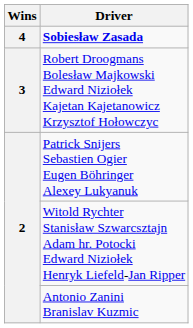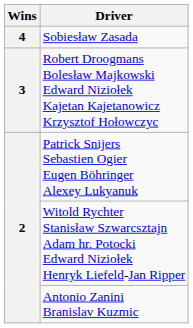 <table class="wikitable" style="font-size: 95%;">
 <tr>
 <th>Wins</th>
 <th>Driver</th>
 </tr>
 <tr>
 <th>4</th>
-<td><strong> <a href='#'>Sobiesław Zasada</a></strong></td>
+<td> <a href='#'>Sobiesław Zasada</a></td>
 </tr>
 <tr>
 <th rowspan="1">3</th>
 <td> <a href='#'>Robert Droogmans</a><br> <a href='#'>Bolesław Majkowski</a><br> <a href='#'>Edward Niziołek</a><br> <a href='#'>Kajetan Kajetanowicz</a><br> <a href='#'>Krzysztof Hołowczyc</a></td>
 </tr>
 <tr>
 <th rowspan="4">2</th>
 <td> <a href='#'>Patrick Snijers</a><br> <a href='#'>Sebastien Ogier</a><br> <a href='#'>Eugen Böhringer</a><br> <a href='#'>Alexey Lukyanuk</a></td>
 </tr>
 <tr>
 <td> <a href='#'>Witold Rychter</a><br> <a href='#'>Stanisław Szwarcsztajn</a><br> <a href='#'>Adam hr. Potocki</a><br> <a href='#'>Edward Niziołek</a><br> <a href='#'>Henryk Liefeld</a>-<a href='#'>Jan Ripper</a></td>
 </tr>
 <tr>
 <td> <a href='#'>Antonio Zanini</a><br> <a href='#'>Branislav Kuzmic</a></td>
 </tr>
 </table>
